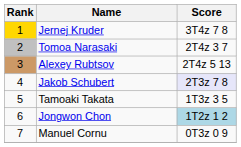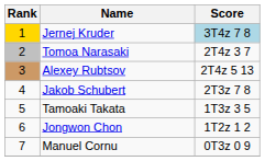 <table class="wikitable">
 <tr>
 <th>Rank</th>
 <th width = "200">Name</th>
 <th width = "80">Score</th>
 </tr>
 <tr>
 <td align="center" style="background: gold">1</td>
 <td> <a href='#'>Jernej Kruder</a></td>
-<td align="center">3T4z 7 8</td>
+<td align="center" style="background: lightblue;">3T4z 7 8</td>
 </tr>
 <tr>
 <td align="center" style="background: silver">2</td>
 <td> <a href='#'>Tomoa Narasaki</a></td>
 <td align="center">2T4z 3 7</td>
 </tr>
 <tr>
 <td align="center" style="background: #cc9966">3</td>
 <td> <a href='#'>Alexey Rubtsov</a></td>
 <td align="center">2T4z 5 13</td>
 </tr>
 <tr>
 <td align="center">4</td>
 <td> <a href='#'>Jakob Schubert</a></td>
-<td align="center" style="background: lavender;">2T3z 7 8</td>
+<td align="center">2T3z 7 8</td>
 </tr>
 <tr>
 <td align="center">5</td>
 <td> Tamoaki Takata</td>
 <td align="center">1T3z 3 5</td>
 </tr>
 <tr>
 <td align="center">6</td>
 <td> <a href='#'>Jongwon Chon</a></td>
-<td align="center" style="background: lightblue;">1T2z 1 2</td>
+<td align="center">1T2z 1 2</td>
 </tr>
 <tr>
 <td align="center">7</td>
 <td> Manuel Cornu</td>
 <td align="center">0T3z 0 9</td>
 </tr>
 <tr>
 </tr>
 </table>
